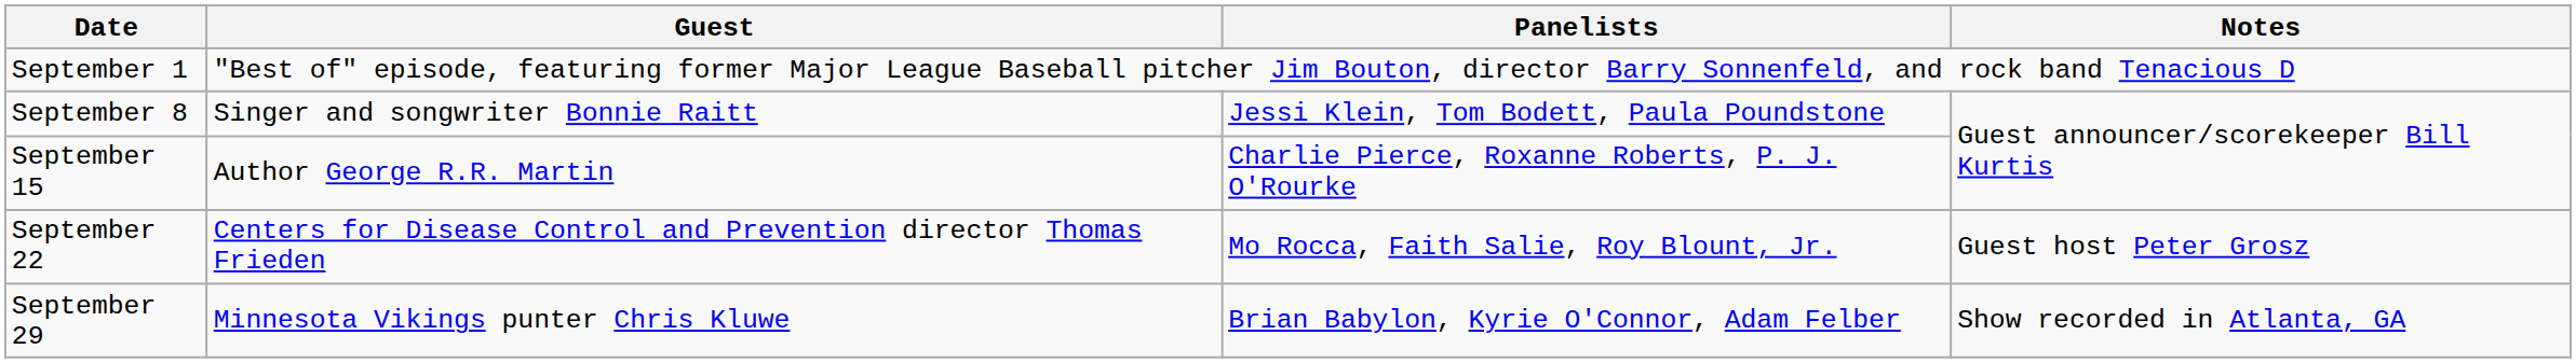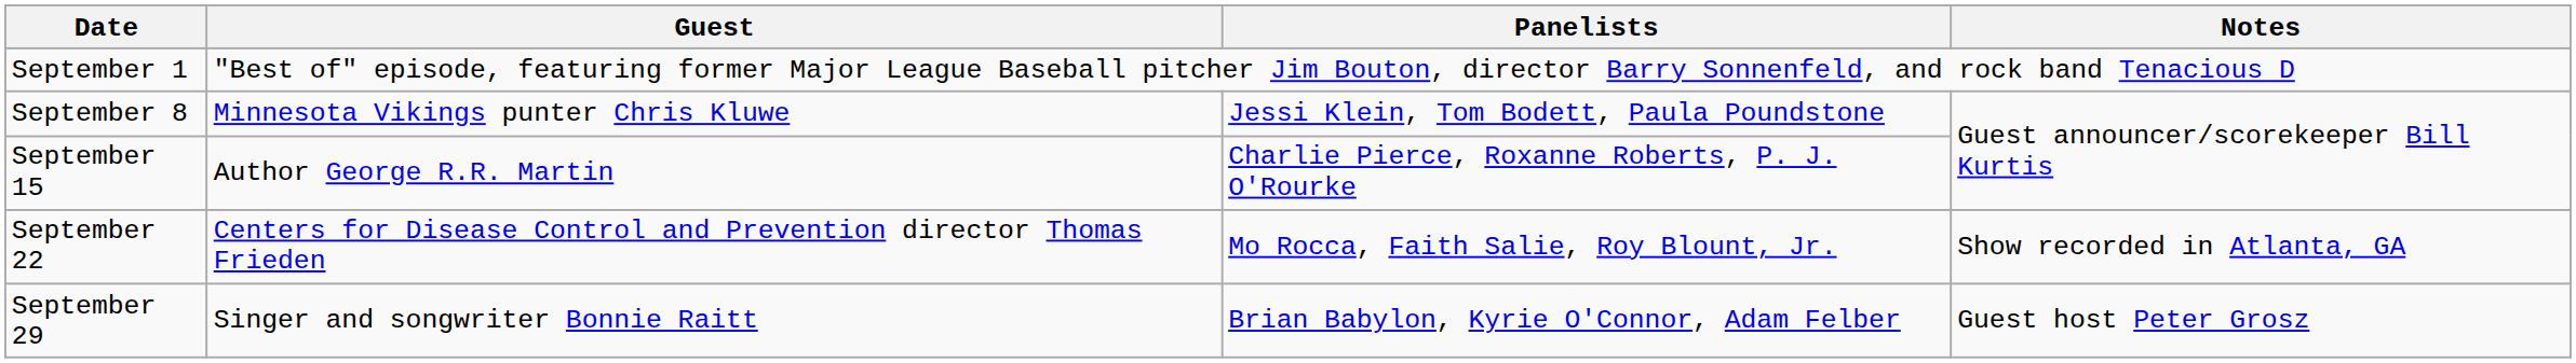 <table class="wikitable">
 <tr>
 <th>Date</th>
 <th>Guest</th>
 <th>Panelists</th>
 <th>Notes</th>
 </tr>
 <tr>
 <td>September 1</td>
 <td colspan="3">"Best of" episode, featuring former Major League Baseball pitcher <a href='#'>Jim Bouton</a>, director <a href='#'>Barry Sonnenfeld</a>, and rock band <a href='#'>Tenacious D</a></td>
 </tr>
 <tr>
 <td>September 8</td>
-<td>Singer and songwriter <a href='#'>Bonnie Raitt</a></td>
+<td><a href='#'>Minnesota Vikings</a> punter <a href='#'>Chris Kluwe</a></td>
 <td><a href='#'>Jessi Klein</a>, <a href='#'>Tom Bodett</a>, <a href='#'>Paula Poundstone</a></td>
 <td rowspan="2">Guest announcer/scorekeeper <a href='#'>Bill Kurtis</a></td>
 </tr>
 <tr>
 <td>September 15</td>
 <td>Author <a href='#'>George R.R. Martin</a></td>
 <td><a href='#'>Charlie Pierce</a>, <a href='#'>Roxanne Roberts</a>, <a href='#'>P. J. O'Rourke</a></td>
 </tr>
 <tr>
 <td>September 22</td>
 <td><a href='#'>Centers for Disease Control and Prevention</a> director <a href='#'>Thomas Frieden</a></td>
 <td><a href='#'>Mo Rocca</a>, <a href='#'>Faith Salie</a>, <a href='#'>Roy Blount, Jr.</a></td>
-<td>Guest host <a href='#'>Peter Grosz</a></td>
+<td>Show recorded in <a href='#'>Atlanta, GA</a></td>
 </tr>
 <tr>
 <td>September 29</td>
-<td><a href='#'>Minnesota Vikings</a> punter <a href='#'>Chris Kluwe</a></td>
+<td>Singer and songwriter <a href='#'>Bonnie Raitt</a></td>
 <td><a href='#'>Brian Babylon</a>, <a href='#'>Kyrie O'Connor</a>, <a href='#'>Adam Felber</a></td>
-<td>Show recorded in <a href='#'>Atlanta, GA</a></td>
+<td>Guest host <a href='#'>Peter Grosz</a></td>
 </tr>
 </table>
